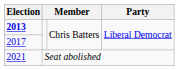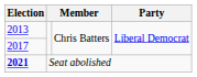 <table class="wikitable">
 <tr>
 <th>Election</th>
 <th colspan="2">Member</th>
 <th>Party</th>
 </tr>
 <tr>
-<td><strong><a href='#'>2013</a></strong></td>
+<td><a href='#'>2013</a></td>
 <td rowspan="2" style="background-color: "></td>
 <td rowspan="2">Chris Batters</td>
 <td rowspan="2"><a href='#'>Liberal Democrat</a></td>
 </tr>
 <tr>
 <td><a href='#'>2017</a></td>
 </tr>
 <tr>
-<td><a href='#'>2021</a></td>
+<td><strong><a href='#'>2021</a></strong></td>
 <td colspan="3"><em>Seat abolished</em></td>
 </tr>
 </table>
